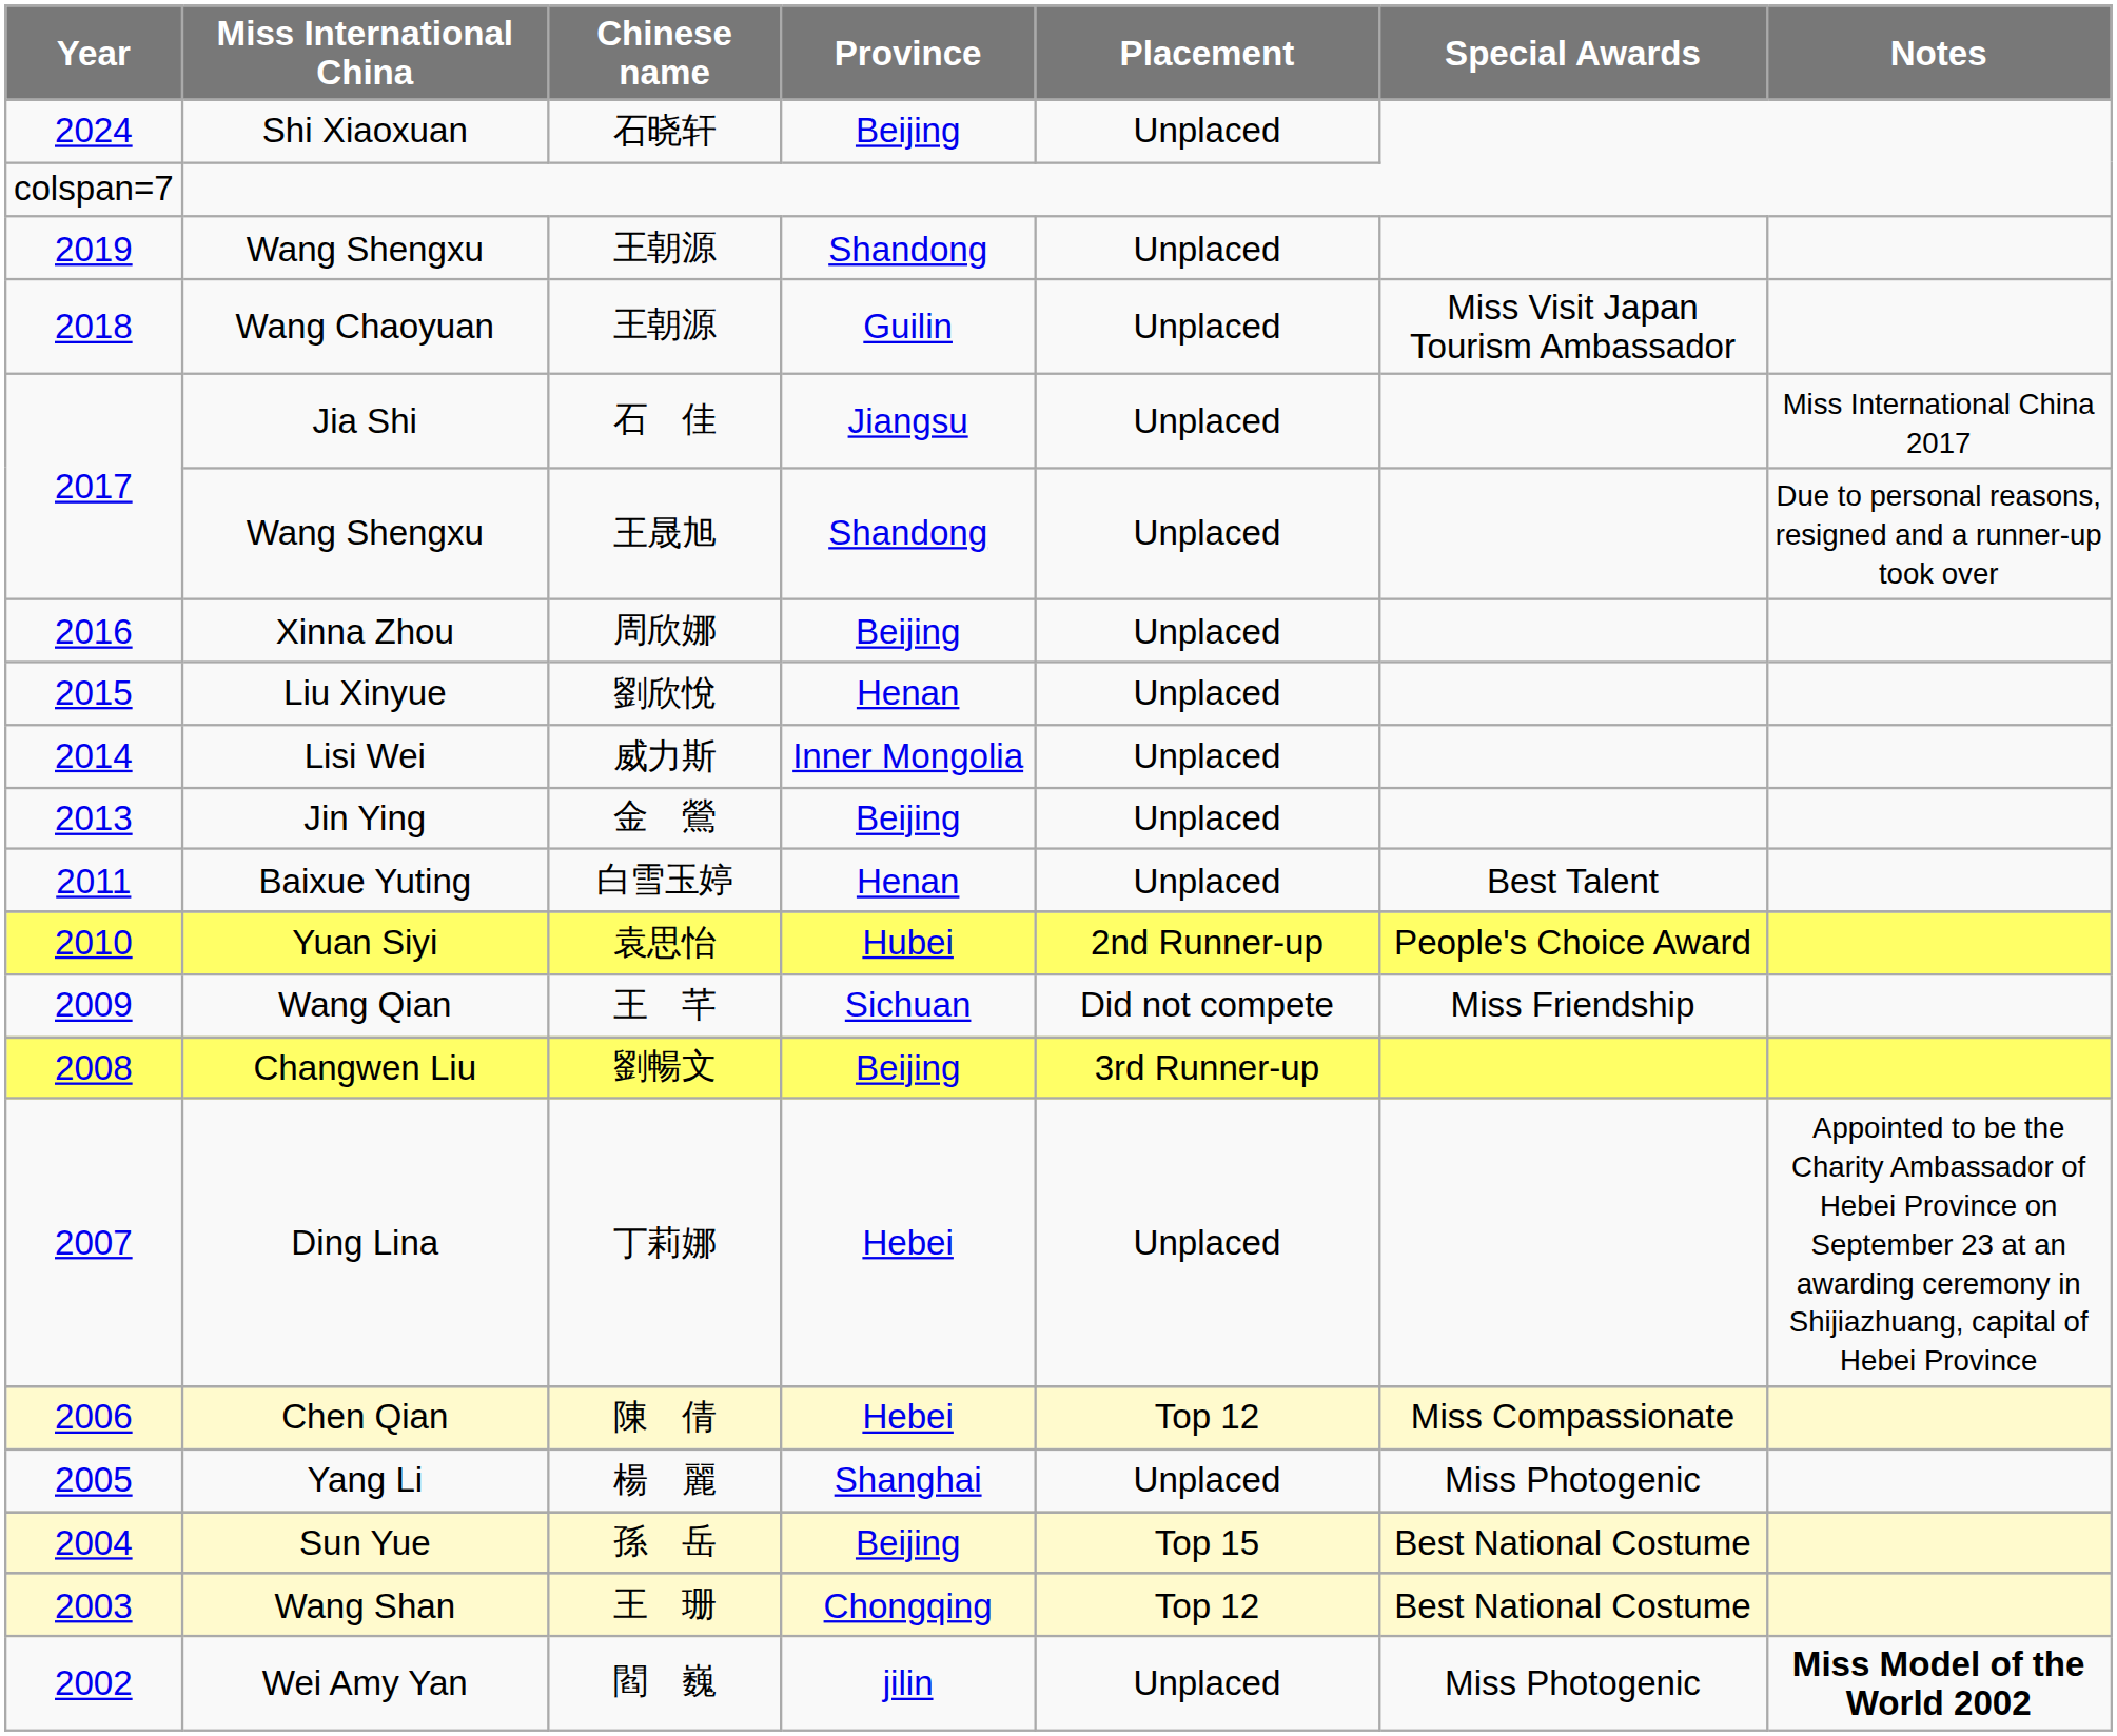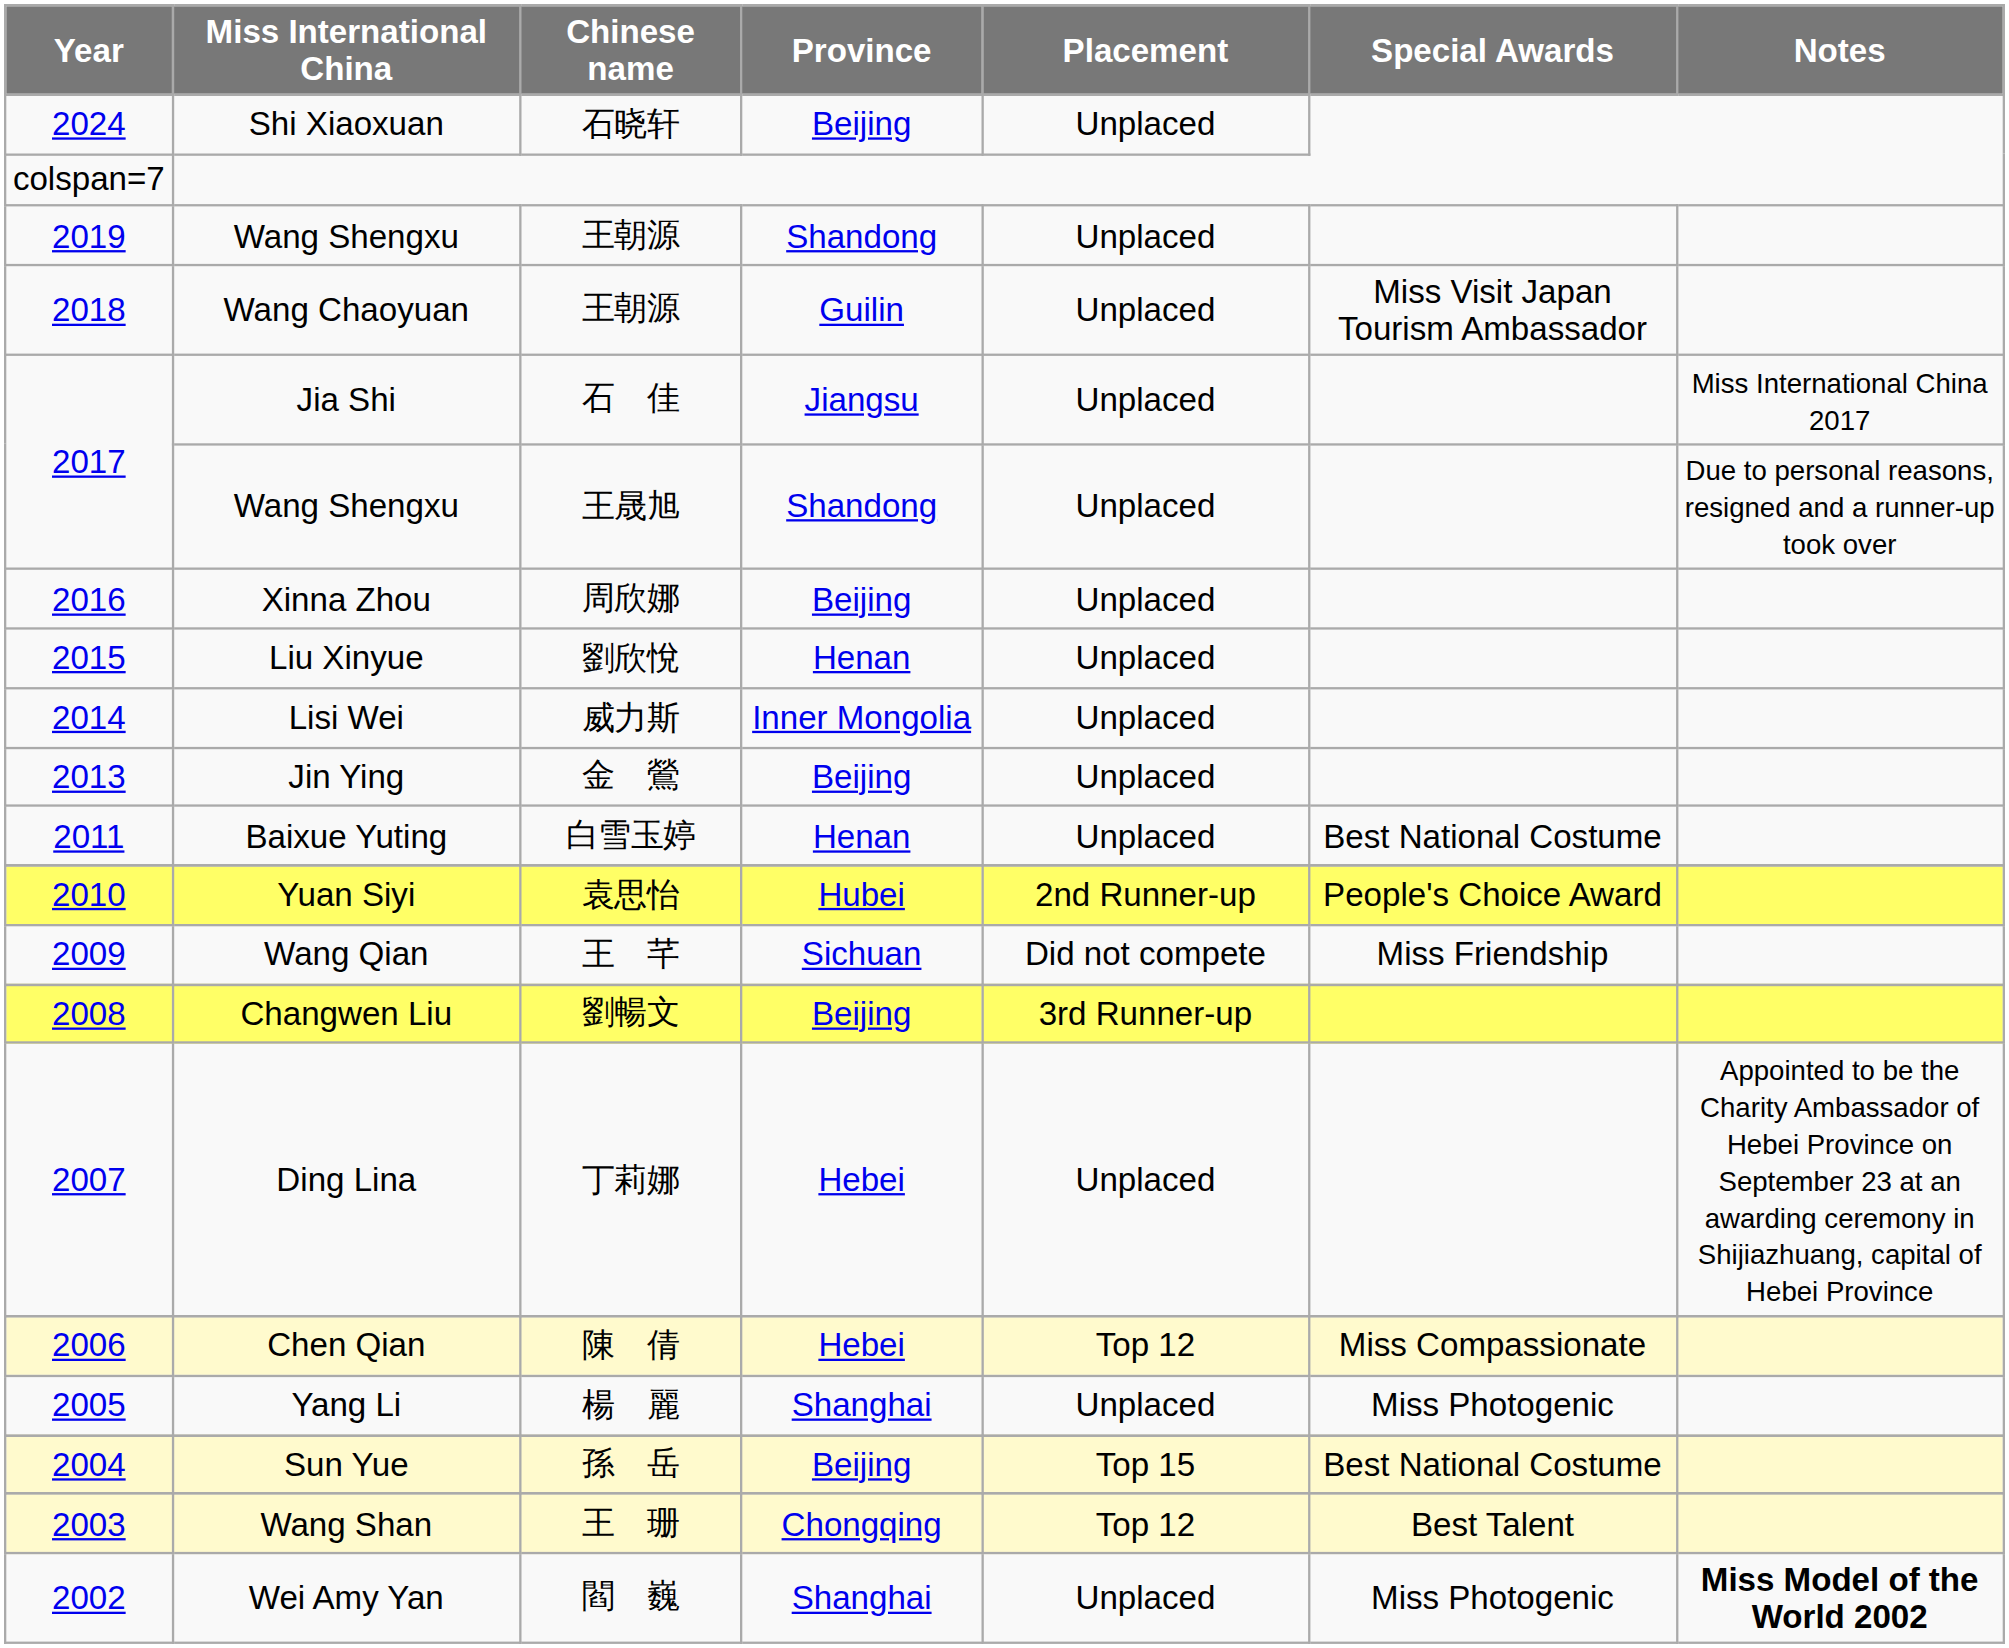 <table class="wikitable sortable" style="font-size: 90%; text-align:center">
 <tr>
 <th width="60" style="background-color:#787878;color:#FFFFFF;">Year</th>
 <th width="250" style="background-color:#787878;color:#FFFFFF;">Miss International China</th>
 <th width="150" style="background-color:#787878;color:#FFFFFF;">Chinese name</th>
 <th width="150" style="background-color:#787878;color:#FFFFFF;">Province</th>
 <th width="250" style="background-color:#787878;color:#FFFFFF;">Placement</th>
 <th width="250" style="background-color:#787878;color:#FFFFFF;">Special Awards</th>
 <th width="250" style="background-color:#787878;color:#FFFFFF;">Notes</th>
 </tr>
 <tr>
 <td><a href='#'>2024</a></td>
 <td>Shi Xiaoxuan</td>
 <td>石晓轩</td>
 <td><a href='#'>Beijing</a></td>
 <td>Unplaced</td>
 </tr>
 <tr>
 <td>colspan=7 </td>
 </tr>
 <tr>
 <td><a href='#'>2019</a></td>
 <td>Wang Shengxu</td>
 <td>王朝源</td>
 <td><a href='#'>Shandong</a></td>
 <td>Unplaced</td>
 <td></td>
 <td></td>
 </tr>
 <tr>
 <td><a href='#'>2018</a></td>
 <td>Wang Chaoyuan</td>
 <td>王朝源</td>
 <td><a href='#'>Guilin</a></td>
 <td>Unplaced</td>
 <td>Miss Visit Japan Tourism Ambassador</td>
 <td></td>
 </tr>
 <tr>
 <td rowspan=2><a href='#'>2017</a></td>
 <td>Jia Shi</td>
 <td>石　佳</td>
 <td><a href='#'>Jiangsu</a></td>
 <td>Unplaced</td>
 <td></td>
 <td><small>Miss International China 2017</small></td>
 </tr>
 <tr>
 <td>Wang Shengxu</td>
 <td>王晟旭</td>
 <td><a href='#'>Shandong</a></td>
 <td>Unplaced</td>
 <td></td>
 <td><small>Due to personal reasons, resigned and a runner-up took over</small></td>
 </tr>
 <tr>
 <td><a href='#'>2016</a></td>
 <td>Xinna Zhou</td>
 <td>周欣娜</td>
 <td><a href='#'>Beijing</a></td>
 <td>Unplaced</td>
 <td></td>
 <td></td>
 </tr>
 <tr>
 <td><a href='#'>2015</a></td>
 <td>Liu Xinyue</td>
 <td>劉欣悅</td>
 <td><a href='#'>Henan</a></td>
 <td>Unplaced</td>
 <td></td>
 <td></td>
 </tr>
 <tr>
 <td><a href='#'>2014</a></td>
 <td>Lisi Wei</td>
 <td>威力斯</td>
 <td><a href='#'>Inner Mongolia</a></td>
 <td>Unplaced</td>
 <td></td>
 <td></td>
 </tr>
 <tr>
 <td><a href='#'>2013</a></td>
 <td>Jin Ying</td>
 <td>金　鶯</td>
 <td><a href='#'>Beijing</a></td>
 <td>Unplaced</td>
 <td></td>
 <td></td>
 </tr>
 <tr>
 <td><a href='#'>2011</a></td>
 <td>Baixue Yuting</td>
 <td>白雪玉婷</td>
 <td><a href='#'>Henan</a></td>
 <td>Unplaced</td>
-<td>Best Talent</td>
+<td>Best National Costume</td>
 <td></td>
 </tr>
 <tr>
 </tr>
 <tr style="background-color:#FFFF66; ">
 <td><a href='#'>2010</a></td>
 <td>Yuan Siyi</td>
 <td>袁思怡</td>
 <td><a href='#'>Hubei</a></td>
 <td>2nd Runner-up</td>
 <td>People's Choice Award</td>
 <td></td>
 </tr>
 <tr>
 <td><a href='#'>2009</a></td>
 <td>Wang Qian</td>
 <td>王　芊</td>
 <td><a href='#'>Sichuan</a></td>
 <td>Did not compete</td>
 <td>Miss Friendship</td>
 <td></td>
 </tr>
 <tr>
 </tr>
 <tr style="background-color:#FFFF66;">
 <td><a href='#'>2008</a></td>
 <td>Changwen Liu</td>
 <td>劉暢文</td>
 <td><a href='#'>Beijing</a></td>
 <td>3rd Runner-up</td>
 <td></td>
 <td></td>
 </tr>
 <tr>
 <td><a href='#'>2007</a></td>
 <td>Ding Lina</td>
 <td>丁莉娜</td>
 <td><a href='#'>Hebei</a></td>
 <td>Unplaced</td>
 <td></td>
 <td><small>Appointed to be the Charity Ambassador of Hebei Province on September 23 at an awarding ceremony in Shijiazhuang, capital of Hebei Province</small></td>
 </tr>
 <tr>
 </tr>
 <tr style="background-color:#FFFACD;">
 <td><a href='#'>2006</a></td>
 <td>Chen Qian</td>
 <td>陳　倩</td>
 <td><a href='#'>Hebei</a></td>
 <td>Top 12</td>
 <td>Miss Compassionate</td>
 <td></td>
 </tr>
 <tr>
 <td><a href='#'>2005</a></td>
 <td>Yang Li</td>
 <td>楊　麗</td>
 <td><a href='#'>Shanghai</a></td>
 <td>Unplaced</td>
 <td>Miss Photogenic</td>
 <td></td>
 </tr>
 <tr>
 </tr>
 <tr style="background-color:#FFFACD;">
 <td><a href='#'>2004</a></td>
 <td>Sun Yue</td>
 <td>孫　岳</td>
 <td><a href='#'>Beijing</a></td>
 <td>Top 15</td>
 <td>Best National Costume</td>
 <td></td>
 </tr>
 <tr>
 </tr>
 <tr style="background-color:#FFFACD;">
 <td><a href='#'>2003</a></td>
 <td>Wang Shan</td>
 <td>王　珊</td>
 <td><a href='#'>Chongqing</a></td>
 <td>Top 12</td>
-<td>Best National Costume</td>
+<td>Best Talent</td>
 <td></td>
 </tr>
 <tr>
 <td><a href='#'>2002</a></td>
 <td>Wei Amy Yan</td>
 <td>閻　巍</td>
-<td><a href='#'>jilin</a></td>
+<td><a href='#'>Shanghai</a></td>
 <td>Unplaced</td>
 <td>Miss Photogenic</td>
 <td><strong>Miss Model of the World 2002</strong></td>
 </tr>
 </table>
